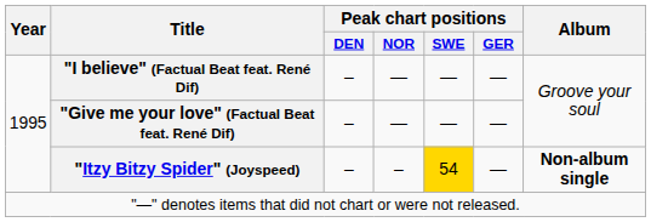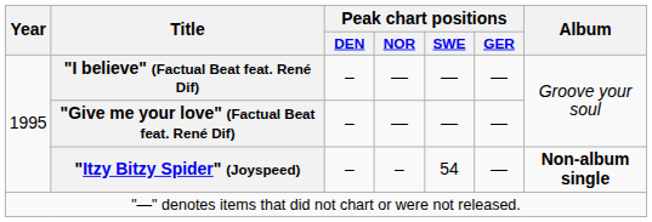 <table class="wikitable plainrowheaders" style="text-align:center;" border="1">
 <tr>
 <th scope="col" rowspan="2">Year</th>
 <th scope="col" rowspan="2">Title</th>
 <th scope="col" colspan="4">Peak chart positions</th>
 <th scope="col" rowspan="2">Album</th>
 </tr>
 <tr>
 <th scope="col" style="width:3em;font-size:85%;"><a href='#'>DEN</a><br></th>
 <th scope="col" style="width:3em;font-size:85%;"><a href='#'>NOR</a><br></th>
 <th scope="col" style="width:3em;font-size:85%;"><a href='#'>SWE</a><br></th>
 <th scope="col" style="width:3em;font-size:85%;"><a href='#'>GER</a><br></th>
 </tr>
 <tr>
 <td rowspan="3">1995</td>
 <th scope="row">"I believe" <small>(Factual Beat feat. René Dif)</small></th>
 <td>–</td>
 <td>—</td>
 <td>—</td>
 <td>—</td>
 <td rowspan="2"><em>Groove your soul</em></td>
 </tr>
 <tr>
 <th scope="row">"Give me your love" <small>(Factual Beat feat. René Dif)</small></th>
 <td>–</td>
 <td>—</td>
 <td>—</td>
 <td>—</td>
 </tr>
 <tr>
 <th scope="row">"<a href='#'>Itzy Bitzy Spider</a>" <small>(Joyspeed)</small></th>
 <td>–</td>
 <td>–</td>
-<td style="background: gold;">54</td>
+<td>54</td>
 <td>—</td>
 <td><strong>Non-album single</strong></td>
 </tr>
 <tr>
 <td align="center" colspan="14" style="font-size:90%">"—" denotes items that did not chart or were not released.</td>
 </tr>
 </table>
